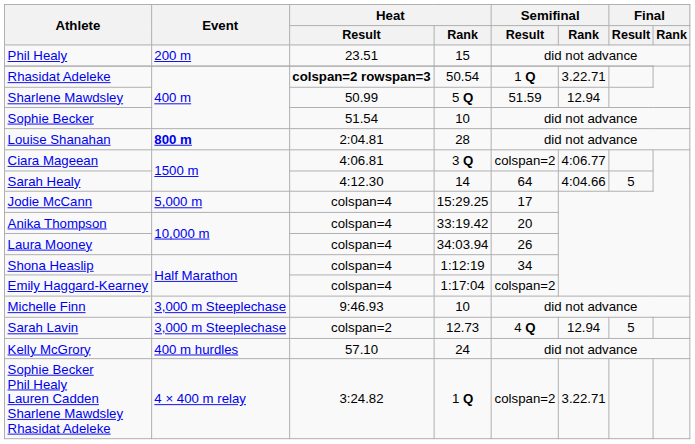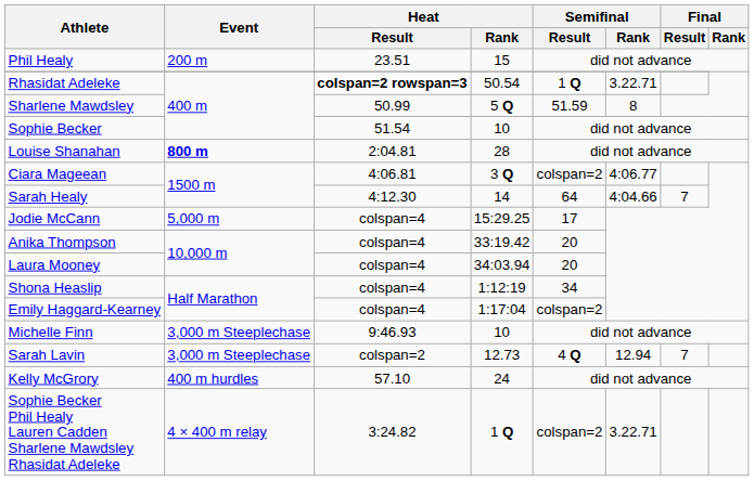 <table class="wikitable" style="font-size:90%">
 <tr>
 <th rowspan="2">Athlete</th>
 <th rowspan="2">Event</th>
 <th colspan="2">Heat</th>
 <th colspan="2">Semifinal</th>
 <th colspan="2">Final</th>
 </tr>
 <tr style="font-size:95%">
 <th>Result</th>
 <th>Rank</th>
 <th>Result</th>
 <th>Rank</th>
 <th>Result</th>
 <th>Rank</th>
 </tr>
 <tr align=center>
 <td align=left><a href='#'>Phil Healy</a></td>
 <td align=left><a href='#'>200 m</a></td>
 <td>23.51</td>
 <td>15</td>
 <td colspan=4>did not advance</td>
 </tr>
 <tr align=center>
 </tr>
 <tr align=center>
 <td align=left><a href='#'>Rhasidat Adeleke</a></td>
 <td align=left rowspan=3><a href='#'>400 m</a></td>
 <td><strong>colspan=2 rowspan=3 </strong></td>
 <td>50.54</td>
 <td>1 <strong>Q</strong></td>
 <td>3.22.71 <strong></strong></td>
 <td></td>
 </tr>
 <tr align=center>
 <td align=left><a href='#'>Sharlene Mawdsley</a></td>
 <td>50.99</td>
 <td>5 <strong>Q</strong></td>
 <td>51.59</td>
-<td>12.94</td>
+<td>8</td>
 </tr>
 <tr align=center>
 <td align=left><a href='#'>Sophie Becker</a></td>
 <td>51.54</td>
 <td>10</td>
 <td colspan=4>did not advance</td>
 </tr>
 <tr align=center>
 <td align=left><a href='#'>Louise Shanahan</a></td>
 <td align=left><strong><a href='#'>800 m</a></strong></td>
 <td>2:04.81</td>
 <td>28</td>
 <td colspan=4>did not advance</td>
 </tr>
 <tr align=center>
 <td align=left><a href='#'>Ciara Mageean</a></td>
 <td align=left rowspan=2><a href='#'>1500 m</a></td>
 <td>4:06.81</td>
 <td>3 <strong>Q</strong></td>
 <td>colspan=2 </td>
 <td>4:06.77</td>
 <td></td>
 </tr>
 <tr align=center>
 <td align=left><a href='#'>Sarah Healy</a></td>
 <td>4:12.30</td>
 <td>14</td>
 <td>64</td>
 <td>4:04.66</td>
-<td>5</td>
+<td>7</td>
 </tr>
 <tr align=center>
 <td align=left><a href='#'>Jodie McCann</a></td>
 <td align=left><a href='#'>5,000 m</a></td>
 <td>colspan=4 </td>
 <td>15:29.25  <strong></strong></td>
 <td>17</td>
 </tr>
 <tr align=center>
 <td align=left><a href='#'>Anika Thompson</a></td>
 <td align=left rowspan=2><a href='#'>10,000 m</a></td>
 <td>colspan=4 </td>
 <td>33:19.42</td>
 <td>20</td>
 </tr>
 <tr align=center>
 <td align=left><a href='#'>Laura Mooney</a></td>
 <td>colspan=4 </td>
 <td>34:03.94</td>
-<td>26</td>
+<td>20</td>
 </tr>
 <tr align=center>
 <td align=left><a href='#'>Shona Heaslip</a></td>
 <td align=left rowspan=2><a href='#'>Half Marathon</a></td>
 <td>colspan=4 </td>
 <td>1:12:19  <strong></strong></td>
 <td>34</td>
 </tr>
 <tr align=center>
 <td align=left><a href='#'>Emily Haggard-Kearney</a></td>
 <td>colspan=4 </td>
 <td>1:17:04  <strong></strong></td>
 <td>colspan=2 </td>
 </tr>
 <tr align=center>
 <td align=left><a href='#'>Michelle Finn</a></td>
 <td align=left><a href='#'>3,000 m Steeplechase</a></td>
 <td>9:46.93  <strong></strong></td>
 <td>10</td>
 <td colspan=4>did not advance</td>
 </tr>
 <tr align=center>
 <td align=left><a href='#'>Sarah Lavin</a></td>
 <td align=left><a href='#'>3,000 m Steeplechase</a></td>
 <td>colspan=2 </td>
 <td>12.73 <strong></strong></td>
 <td>4 <strong>Q</strong></td>
 <td>12.94</td>
-<td>5</td>
+<td>7</td>
 </tr>
 <tr align=center>
 <td align=left><a href='#'>Kelly McGrory</a></td>
 <td align=left><a href='#'>400 m hurdles</a></td>
 <td>57.10 <strong></strong></td>
 <td>24</td>
 <td colspan=4>did not advance</td>
 </tr>
 <tr align=center>
 <td align=left><a href='#'>Sophie Becker</a> <br> <a href='#'>Phil Healy</a><br> <a href='#'>Lauren Cadden</a><br> <a href='#'>Sharlene Mawdsley</a><br><a href='#'>Rhasidat Adeleke</a></td>
 <td align=left><a href='#'>4 × 400 m relay</a></td>
 <td>3:24.82</td>
 <td>1 <strong>Q</strong></td>
 <td>colspan=2 </td>
 <td>3.22.71 <strong></strong></td>
 <td></td>
 </tr>
 </table>
